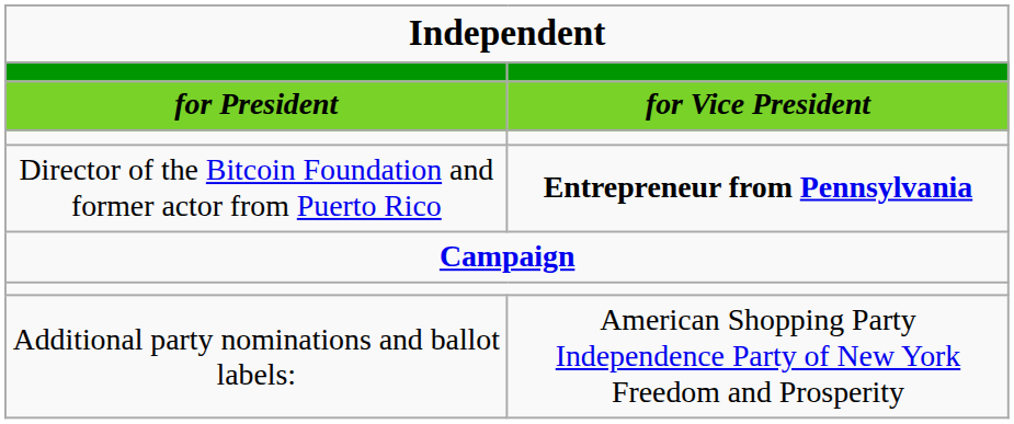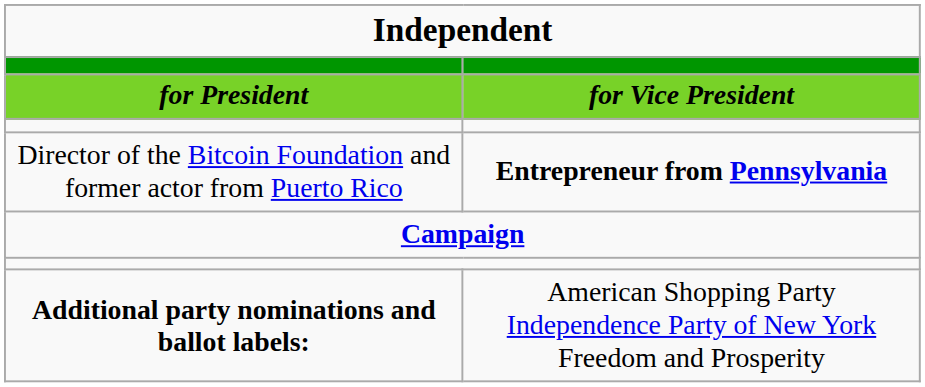 <table class="wikitable" style="font-size:90%; text-align:center;">
 <tr>
 <td colspan=2><big><strong>Independent</strong></big></td>
 </tr>
 <tr>
 <th style="font-size:135%; background:#009600"></th>
 <th style="font-size:135%; background:#009600"></th>
 </tr>
 <tr style="color:#000; background:#78D228; font-size:100%;">
 <td><strong><em>for President</em></strong></td>
 <td><strong><em>for Vice President</em></strong></td>
 </tr>
 <tr>
 <td></td>
 <td></td>
 </tr>
 <tr>
 <td style=width:16em>Director of the <a href='#'>Bitcoin Foundation</a> and former actor from <a href='#'>Puerto Rico</a></td>
 <td style=width:16em><strong>Entrepreneur from <a href='#'>Pennsylvania</a></strong></td>
 </tr>
 <tr>
 <td colspan=2><a href='#'><strong>Campaign</strong></a></td>
 </tr>
 <tr>
 <td colspan=2></td>
 </tr>
 <tr>
-<td style=width:16em>Additional party nominations and ballot labels:</td>
+<td style=width:16em><strong>Additional party nominations and ballot labels:</strong></td>
 <td style=width:16em>American Shopping Party<br><a href='#'>Independence Party of New York</a><br>Freedom and Prosperity</td>
 </tr>
 </table>
